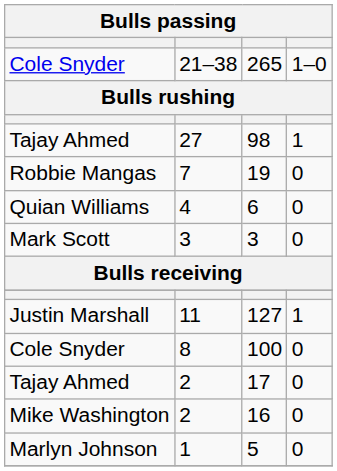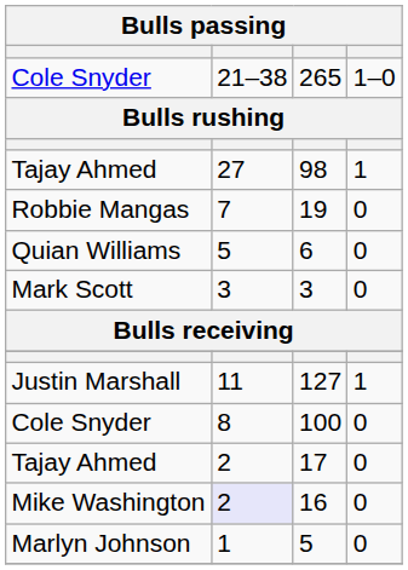 <table class="wikitable plainrowheaders">
 <tr>
 <th colspan="6">Bulls passing</th>
 </tr>
 <tr>
 <th scope="col"></th>
 <th scope="col"></th>
 <th scope="col"></th>
 <th scope="col"></th>
 </tr>
 <tr>
 <td><a href='#'>Cole Snyder</a></td>
 <td>21–38</td>
 <td>265</td>
 <td>1–0</td>
 </tr>
 <tr>
 <th colspan="6">Bulls rushing</th>
 </tr>
 <tr>
 <th scope="col"></th>
 <th scope="col"></th>
 <th scope="col"></th>
 <th scope="col"></th>
 </tr>
 <tr>
 <td>Tajay Ahmed</td>
 <td>27</td>
 <td>98</td>
 <td>1</td>
 </tr>
 <tr>
 <td>Robbie Mangas</td>
 <td>7</td>
 <td>19</td>
 <td>0</td>
 </tr>
 <tr>
 <td>Quian Williams</td>
-<td>4</td>
+<td>5</td>
 <td>6</td>
 <td>0</td>
 </tr>
 <tr>
 <td>Mark Scott</td>
 <td>3</td>
 <td>3</td>
 <td>0</td>
 </tr>
 <tr>
 <th colspan="6">Bulls receiving</th>
 </tr>
 <tr>
 </tr>
 <tr>
 <th scope="col"></th>
 <th scope="col"></th>
 <th scope="col"></th>
 <th scope="col"></th>
 </tr>
 <tr>
 <td>Justin Marshall</td>
 <td>11</td>
 <td>127</td>
 <td>1</td>
 </tr>
 <tr>
 <td>Cole Snyder</td>
 <td>8</td>
 <td>100</td>
 <td>0</td>
 </tr>
 <tr>
 <td>Tajay Ahmed</td>
 <td>2</td>
 <td>17</td>
 <td>0</td>
 </tr>
 <tr>
 <td>Mike Washington</td>
-<td>2</td>
+<td style="background: lavender;">2</td>
 <td>16</td>
 <td>0</td>
 </tr>
 <tr>
 <td>Marlyn Johnson</td>
 <td>1</td>
 <td>5</td>
 <td>0</td>
 </tr>
 <tr>
 </tr>
 </table>
